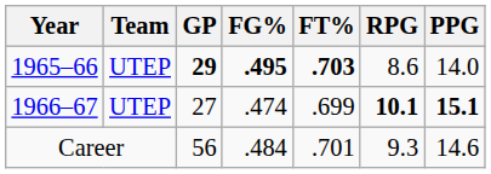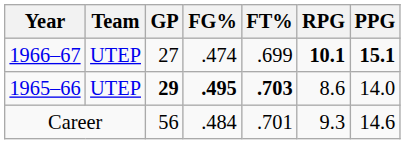 <table class="wikitable sortable" style="font-size:95%; text-align:right;">
 <tr>
 <th>Year</th>
 <th>Team</th>
 <th>GP</th>
 <th>FG%</th>
 <th>FT%</th>
 <th>RPG</th>
 <th>PPG</th>
 </tr>
 <tr>
+<td style="text-align:left;"><a href='#'>1966–67</a></td>
+<td style="text-align:left;"><a href='#'>UTEP</a></td>
+<td>27</td>
+<td>.474</td>
+<td>.699</td>
+<td><strong>10.1</strong></td>
+<td><strong>15.1</strong></td>
+</tr>
+<tr>
 <td style="text-align:left;"><a href='#'>1965–66</a></td>
 <td style="text-align:left;"><a href='#'>UTEP</a></td>
 <td><strong>29</strong></td>
 <td><strong>.495</strong></td>
 <td><strong>.703</strong></td>
 <td>8.6</td>
 <td>14.0</td>
-</tr>
-<tr>
-<td style="text-align:left;"><a href='#'>1966–67</a></td>
-<td style="text-align:left;"><a href='#'>UTEP</a></td>
-<td>27</td>
-<td>.474</td>
-<td>.699</td>
-<td><strong>10.1</strong></td>
-<td><strong>15.1</strong></td>
 </tr>
 <tr class="sortbottom">
 <td colspan="2" style="text-align:center;">Career</td>
 <td>56</td>
 <td>.484</td>
 <td>.701</td>
 <td>9.3</td>
 <td>14.6</td>
 </tr>
 </table>
